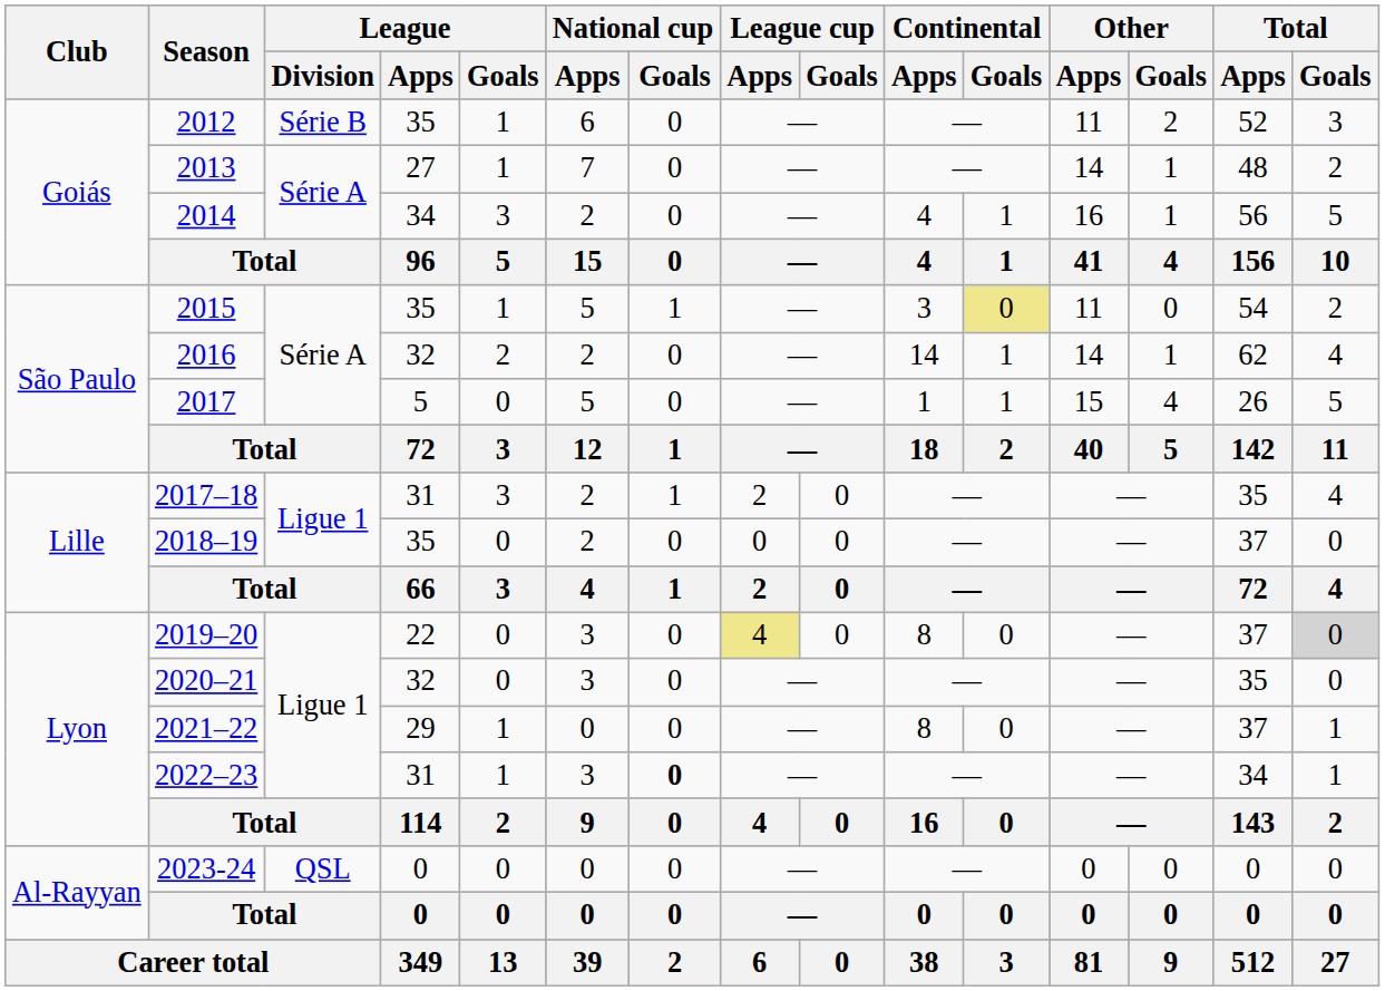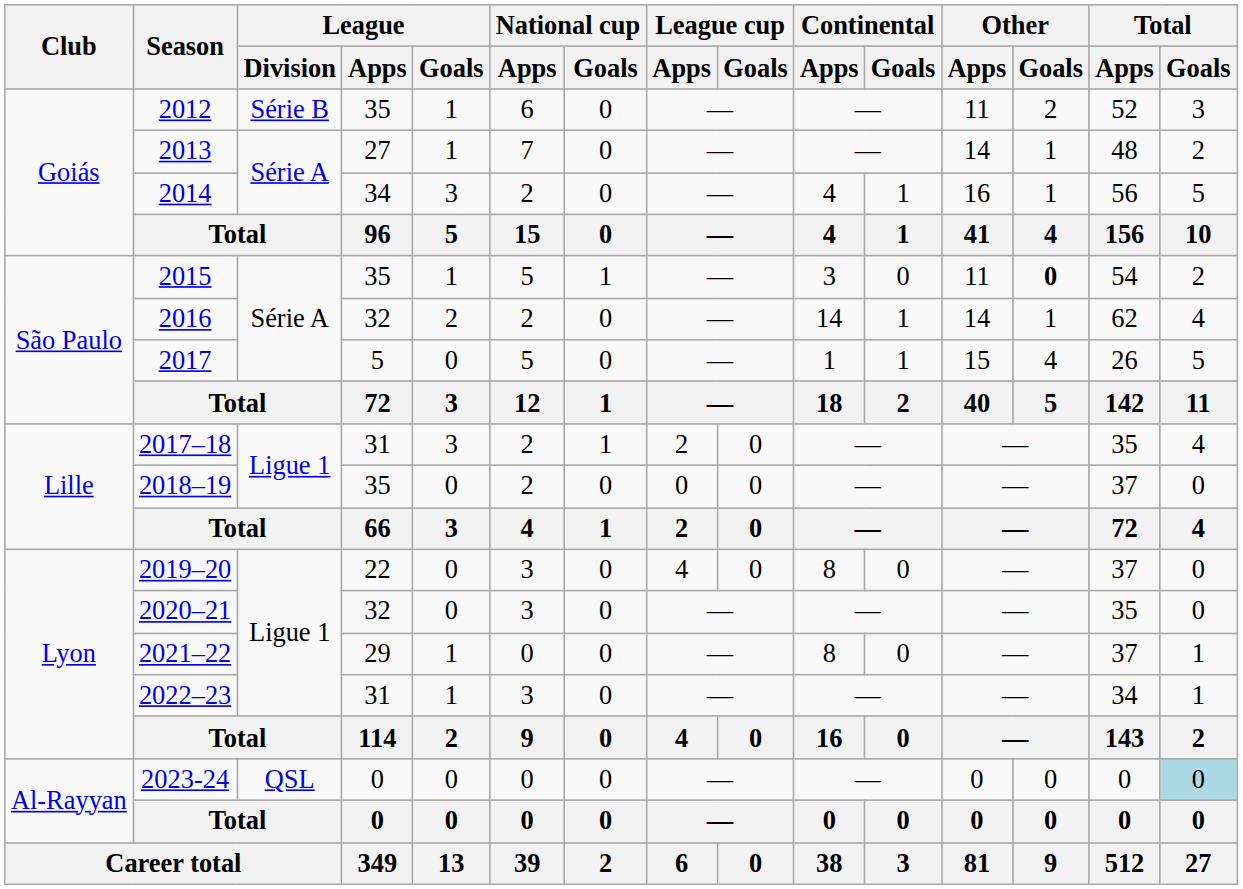 <table class="wikitable" style="text-align:center">
 <tr>
 <th rowspan="2">Club</th>
 <th rowspan="2">Season</th>
 <th colspan="3">League</th>
 <th colspan="2">National cup</th>
 <th colspan="2">League cup</th>
 <th colspan="2">Continental</th>
 <th colspan="2">Other</th>
 <th colspan="2">Total</th>
 </tr>
 <tr>
 <th>Division</th>
 <th>Apps</th>
 <th>Goals</th>
 <th>Apps</th>
 <th>Goals</th>
 <th>Apps</th>
 <th>Goals</th>
 <th>Apps</th>
 <th>Goals</th>
 <th>Apps</th>
 <th>Goals</th>
 <th>Apps</th>
 <th>Goals</th>
 </tr>
 <tr>
 <td rowspan="4"><a href='#'>Goiás</a></td>
 <td><a href='#'>2012</a></td>
 <td><a href='#'>Série B</a></td>
 <td>35</td>
 <td>1</td>
 <td>6</td>
 <td>0</td>
 <td colspan="2">—</td>
 <td colspan="2">—</td>
 <td>11</td>
 <td>2</td>
 <td>52</td>
 <td>3</td>
 </tr>
 <tr>
 <td><a href='#'>2013</a></td>
 <td rowspan="2"><a href='#'>Série A</a></td>
 <td>27</td>
 <td>1</td>
 <td>7</td>
 <td>0</td>
 <td colspan="2">—</td>
 <td colspan=2>—</td>
 <td>14</td>
 <td>1</td>
 <td>48</td>
 <td>2</td>
 </tr>
 <tr>
 <td><a href='#'>2014</a></td>
 <td>34</td>
 <td>3</td>
 <td>2</td>
 <td>0</td>
 <td colspan="2">—</td>
 <td>4</td>
 <td>1</td>
 <td>16</td>
 <td>1</td>
 <td>56</td>
 <td>5</td>
 </tr>
 <tr>
 <th colspan="2">Total</th>
 <th>96</th>
 <th>5</th>
 <th>15</th>
 <th>0</th>
 <th colspan="2">—</th>
 <th>4</th>
 <th>1</th>
 <th>41</th>
 <th>4</th>
 <th>156</th>
 <th>10</th>
 </tr>
 <tr>
 <td rowspan="4"><a href='#'>São Paulo</a></td>
 <td><a href='#'>2015</a></td>
 <td rowspan="3">Série A</td>
 <td>35</td>
 <td>1</td>
 <td>5</td>
 <td>1</td>
 <td colspan="2">—</td>
 <td>3</td>
-<td style="background: khaki;">0</td>
+<td>0</td>
 <td>11</td>
-<td>0</td>
+<td><strong>0</strong></td>
 <td>54</td>
 <td>2</td>
 </tr>
 <tr>
 <td><a href='#'>2016</a></td>
 <td>32</td>
 <td>2</td>
 <td>2</td>
 <td>0</td>
 <td colspan="2">—</td>
 <td>14</td>
 <td>1</td>
 <td>14</td>
 <td>1</td>
 <td>62</td>
 <td>4</td>
 </tr>
 <tr>
 <td><a href='#'>2017</a></td>
 <td>5</td>
 <td>0</td>
 <td>5</td>
 <td>0</td>
 <td colspan="2">—</td>
 <td>1</td>
 <td>1</td>
 <td>15</td>
 <td>4</td>
 <td>26</td>
 <td>5</td>
 </tr>
 <tr>
 <th colspan="2">Total</th>
 <th>72</th>
 <th>3</th>
 <th>12</th>
 <th>1</th>
 <th colspan=2>—</th>
 <th>18</th>
 <th>2</th>
 <th>40</th>
 <th>5</th>
 <th>142</th>
 <th>11</th>
 </tr>
 <tr>
 <td rowspan="3"><a href='#'>Lille</a></td>
 <td><a href='#'>2017–18</a></td>
 <td rowspan="2"><a href='#'>Ligue 1</a></td>
 <td>31</td>
 <td>3</td>
 <td>2</td>
 <td>1</td>
 <td>2</td>
 <td>0</td>
 <td colspan="2">—</td>
 <td colspan="2">—</td>
 <td>35</td>
 <td>4</td>
 </tr>
 <tr>
 <td><a href='#'>2018–19</a></td>
 <td>35</td>
 <td>0</td>
 <td>2</td>
 <td>0</td>
 <td>0</td>
 <td>0</td>
 <td colspan="2">—</td>
 <td colspan="2">—</td>
 <td>37</td>
 <td>0</td>
 </tr>
 <tr>
 <th colspan="2">Total</th>
 <th>66</th>
 <th>3</th>
 <th>4</th>
 <th>1</th>
 <th>2</th>
 <th>0</th>
 <th colspan="2">—</th>
 <th colspan="2">—</th>
 <th>72</th>
 <th>4</th>
 </tr>
 <tr>
 <td rowspan="5"><a href='#'>Lyon</a></td>
 <td><a href='#'>2019–20</a></td>
 <td rowspan="4">Ligue 1</td>
 <td>22</td>
 <td>0</td>
 <td>3</td>
 <td>0</td>
-<td style="background: khaki;">4</td>
+<td>4</td>
 <td>0</td>
 <td>8</td>
 <td>0</td>
 <td colspan="2">—</td>
 <td>37</td>
-<td style="background: lightgrey;">0</td>
+<td>0</td>
 </tr>
 <tr>
 <td><a href='#'>2020–21</a></td>
 <td>32</td>
 <td>0</td>
 <td>3</td>
 <td>0</td>
 <td colspan="2">—</td>
 <td colspan="2">—</td>
 <td colspan="2">—</td>
 <td>35</td>
 <td>0</td>
 </tr>
 <tr>
 <td><a href='#'>2021–22</a></td>
 <td>29</td>
 <td>1</td>
 <td>0</td>
 <td>0</td>
 <td colspan="2">—</td>
 <td>8</td>
 <td>0</td>
 <td colspan="2">—</td>
 <td>37</td>
 <td>1</td>
 </tr>
 <tr>
 <td><a href='#'>2022–23</a></td>
 <td>31</td>
 <td>1</td>
 <td>3</td>
-<td><strong>0</strong></td>
+<td>0</td>
 <td colspan="2">—</td>
 <td colspan="2">—</td>
 <td colspan="2">—</td>
 <td>34</td>
 <td>1</td>
 </tr>
 <tr>
 <th colspan="2">Total</th>
 <th>114</th>
 <th>2</th>
 <th>9</th>
 <th>0</th>
 <th>4</th>
 <th>0</th>
 <th>16</th>
 <th>0</th>
 <th colspan="2">—</th>
 <th>143</th>
 <th>2</th>
 </tr>
 <tr>
 <td rowspan="2"><a href='#'>Al-Rayyan</a></td>
 <td><a href='#'>2023-24</a></td>
 <td><a href='#'>QSL</a></td>
 <td>0</td>
 <td>0</td>
 <td>0</td>
 <td>0</td>
 <td colspan="2">—</td>
 <td colspan="2">—</td>
 <td>0</td>
 <td>0</td>
 <td>0</td>
-<td>0</td>
+<td style="background: lightblue;">0</td>
 </tr>
 <tr>
 <th colspan="2">Total</th>
 <th>0</th>
 <th>0</th>
 <th>0</th>
 <th>0</th>
 <th colspan="2">—</th>
 <th>0</th>
 <th>0</th>
 <th>0</th>
 <th>0</th>
 <th>0</th>
 <th>0</th>
 </tr>
 <tr>
 <th colspan="3">Career total</th>
 <th>349</th>
 <th>13</th>
 <th>39</th>
 <th>2</th>
 <th>6</th>
 <th>0</th>
 <th>38</th>
 <th>3</th>
 <th>81</th>
 <th>9</th>
 <th>512</th>
 <th>27</th>
 </tr>
 </table>
